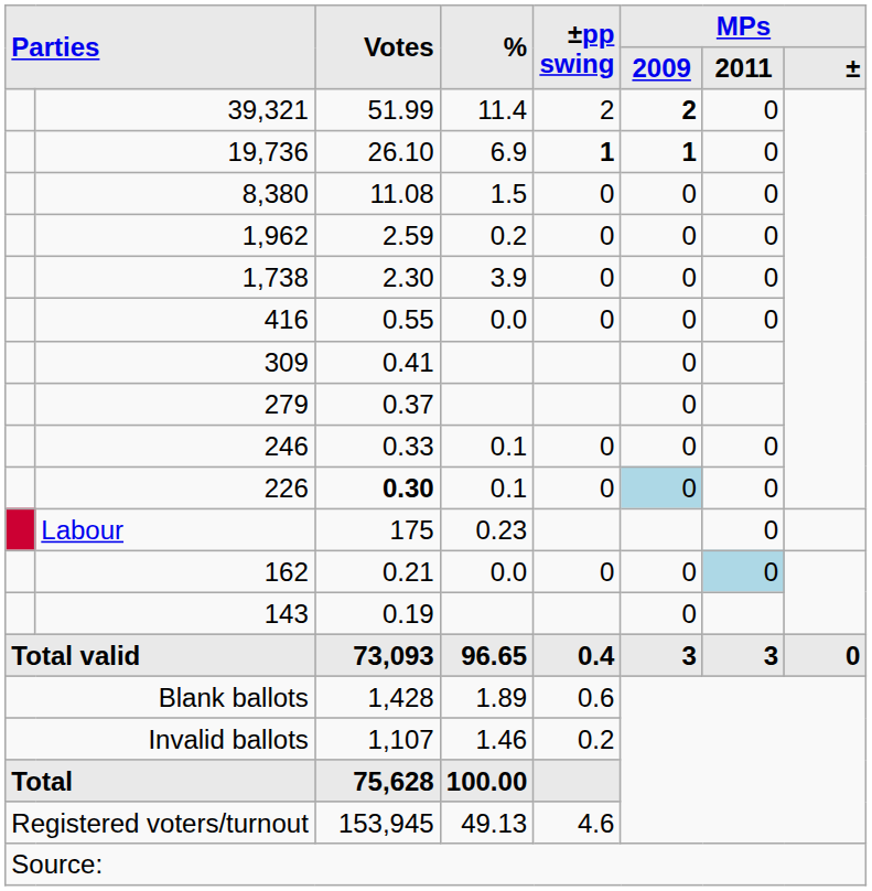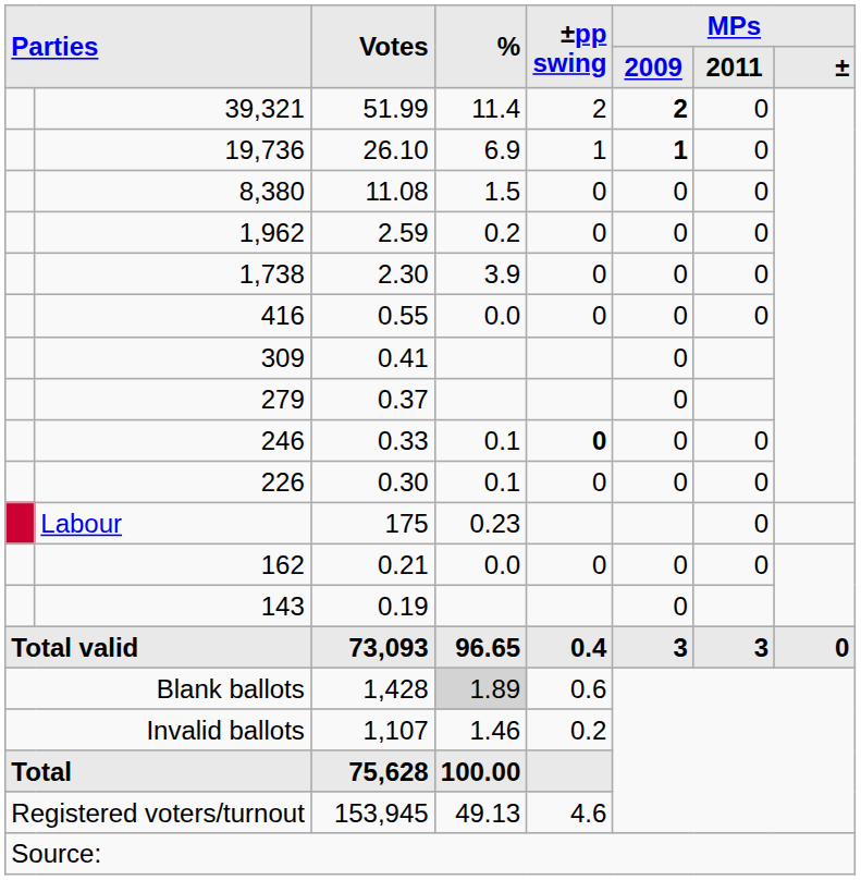 <table class="wikitable" style="text-align:right; font-size:95%;">
 <tr>
 <th rowspan="2" colspan="2" style="background:#e9e9e9; text-align:left;" alignleft><a href='#'>Parties</a></th>
 <th rowspan="2" style="background:#e9e9e9; text-align:right;">Votes</th>
 <th rowspan="2" style="background:#e9e9e9; text-align:right;">%</th>
 <th rowspan="2" style="background:#e9e9e9; text-align:right;">±<a href='#'>pp</a> <a href='#'>swing</a></th>
 <th colspan="3" style="background:#e9e9e9; text-align:center;"><a href='#'>MPs</a></th>
 </tr>
 <tr style="background-color:#E9E9E9">
 <th style="background-color:#E9E9E9;text-align:center;"><a href='#'>2009</a></th>
 <th style="background-color:#E9E9E9;text-align:center;">2011</th>
 <th style="background:#e9e9e9; text-align:right;">±</th>
 </tr>
 <tr>
 <td></td>
 <td>39,321</td>
 <td>51.99</td>
 <td>11.4</td>
 <td>2</td>
 <td><strong>2</strong></td>
 <td>0</td>
 </tr>
 <tr>
 <td></td>
 <td>19,736</td>
 <td>26.10</td>
 <td>6.9</td>
-<td><strong>1</strong></td>
+<td>1</td>
 <td><strong>1</strong></td>
 <td>0</td>
 </tr>
 <tr>
 <td></td>
 <td>8,380</td>
 <td>11.08</td>
 <td>1.5</td>
 <td>0</td>
 <td>0</td>
 <td>0</td>
 </tr>
 <tr>
 <td></td>
 <td>1,962</td>
 <td>2.59</td>
 <td>0.2</td>
 <td>0</td>
 <td>0</td>
 <td>0</td>
 </tr>
 <tr>
 <td></td>
 <td>1,738</td>
 <td>2.30</td>
 <td>3.9</td>
 <td>0</td>
 <td>0</td>
 <td>0</td>
 </tr>
 <tr>
 <td></td>
 <td>416</td>
 <td>0.55</td>
 <td>0.0</td>
 <td>0</td>
 <td>0</td>
 <td>0</td>
 </tr>
 <tr>
 <td></td>
 <td>309</td>
 <td>0.41</td>
 <td></td>
 <td></td>
 <td>0</td>
 <td></td>
 </tr>
 <tr>
 <td></td>
 <td>279</td>
 <td>0.37</td>
 <td></td>
 <td></td>
 <td>0</td>
 <td></td>
 </tr>
 <tr>
 <td></td>
 <td>246</td>
 <td>0.33</td>
 <td>0.1</td>
-<td>0</td>
+<td><strong>0</strong></td>
 <td>0</td>
 <td>0</td>
 </tr>
 <tr>
 <td></td>
 <td>226</td>
-<td><strong>0.30</strong></td>
+<td>0.30</td>
 <td>0.1</td>
 <td>0</td>
-<td style="background: lightblue;">0</td>
+<td>0</td>
 <td>0</td>
 </tr>
 <tr>
 <td style="width: 10px" bgcolor=#CC0033 align="center"></td>
 <td align=left><a href='#'>Labour</a></td>
 <td>175</td>
 <td>0.23</td>
 <td></td>
 <td></td>
 <td>0</td>
 <td></td>
 </tr>
 <tr>
 <td></td>
 <td>162</td>
 <td>0.21</td>
 <td>0.0</td>
 <td>0</td>
 <td>0</td>
-<td style="background: lightblue;">0</td>
+<td>0</td>
 </tr>
 <tr>
 <td></td>
 <td>143</td>
 <td>0.19</td>
 <td></td>
 <td></td>
 <td>0</td>
 <td></td>
 </tr>
 <tr>
 <td colspan=2 align=left style="background-color:#E9E9E9"><strong>Total valid</strong></td>
 <td width="65" align="right" style="background-color:#E9E9E9"><strong>73,093</strong></td>
 <td width="40" align="right" style="background-color:#E9E9E9"><strong>96.65</strong></td>
 <td width="40" align="right" style="background-color:#E9E9E9"><strong>0.4</strong></td>
 <td width="40" align="right" style="background-color:#E9E9E9"><strong>3</strong></td>
 <td width="40" align="right" style="background-color:#E9E9E9"><strong>3</strong></td>
 <td width="40" align="right" style="background-color:#E9E9E9"><strong>0</strong></td>
 </tr>
 <tr>
 <td colspan=2>Blank ballots</td>
 <td>1,428</td>
-<td>1.89</td>
+<td style="background: lightgrey;">1.89</td>
 <td>0.6</td>
 <td colspan=4 rowspan=4></td>
 </tr>
 <tr>
 <td colspan=2>Invalid ballots</td>
 <td>1,107</td>
 <td>1.46</td>
 <td>0.2</td>
 </tr>
 <tr>
 <td colspan=2 align=left style="background-color:#E9E9E9"><strong>Total</strong></td>
 <td width="50" align="right" style="background-color:#E9E9E9"><strong>75,628</strong></td>
 <td width="40" align="right" style="background-color:#E9E9E9"><strong>100.00</strong></td>
 <td width="40" align="right" style="background-color:#E9E9E9"></td>
 </tr>
 <tr>
 <td colspan=2>Registered voters/turnout</td>
 <td>153,945</td>
 <td>49.13</td>
 <td>4.6</td>
 </tr>
 <tr>
 <td colspan=11 align=left>Source: </td>
 </tr>
 </table>
